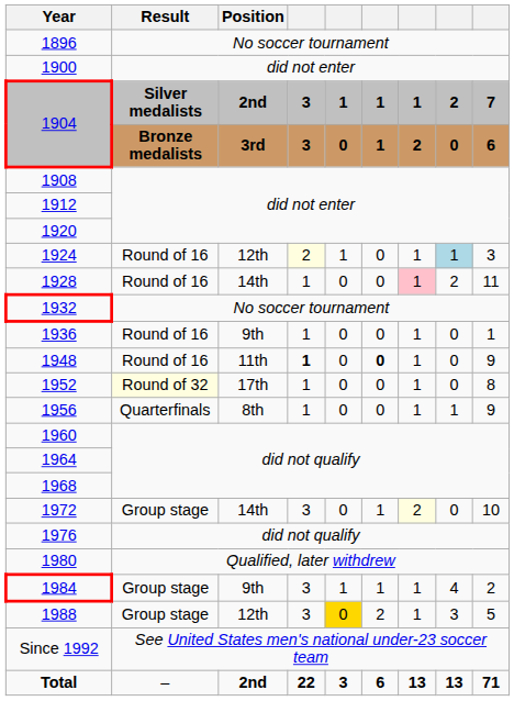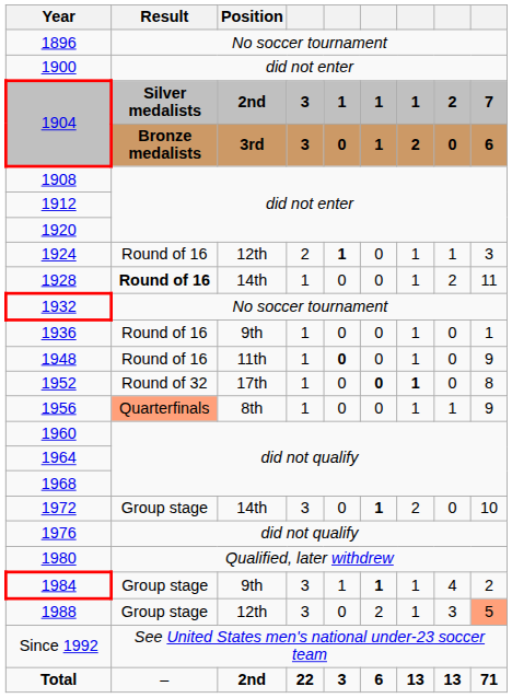 <table class="wikitable" style="text-align: center;">
 <tr>
 <th style="width:100px;">Year</th>
 <th style="width:100px;">Result</th>
 <th style="width:60px;">Position</th>
 <th style="width:30px;"></th>
 <th style="width:30px;"></th>
 <th style="width:30px;"></th>
 <th style="width:30px;"></th>
 <th style="width:30px;"></th>
 <th style="width:30px;"></th>
 </tr>
 <tr>
 <td> <a href='#'>1896</a></td>
 <td colspan=8><em>No soccer tournament</em></td>
 </tr>
 <tr>
 <td> <a href='#'>1900</a></td>
 <td colspan=8><em>did not enter</em></td>
 </tr>
 <tr bgcolor=silver>
 <td style="border: 3px solid red" rowspan=2> <a href='#'>1904</a></td>
 <td><strong>Silver medalists</strong></td>
 <td><strong>2nd</strong></td>
 <td><strong>3</strong></td>
 <td><strong>1</strong></td>
 <td><strong>1</strong></td>
 <td><strong>1</strong></td>
 <td><strong>2</strong></td>
 <td><strong>7</strong></td>
 </tr>
 <tr bgcolor=#c96>
 <td><strong>Bronze medalists</strong></td>
 <td><strong>3rd</strong></td>
 <td><strong>3</strong></td>
 <td><strong>0</strong></td>
 <td><strong>1</strong></td>
 <td><strong>2</strong></td>
 <td><strong>0</strong></td>
 <td><strong>6</strong></td>
 </tr>
 <tr>
 <td> <a href='#'>1908</a></td>
 <td rowspan=3 colspan=8><em>did not enter</em></td>
 </tr>
 <tr>
 <td> <a href='#'>1912</a></td>
 </tr>
 <tr>
 <td> <a href='#'>1920</a></td>
 </tr>
 <tr>
 <td> <a href='#'>1924</a></td>
 <td>Round of 16</td>
 <td>12th</td>
-<td style="background: lightyellow;">2</td>
-<td>1</td>
+<td>2</td>
+<td><strong>1</strong></td>
 <td>0</td>
 <td>1</td>
-<td style="background: lightblue;">1</td>
+<td>1</td>
 <td>3</td>
 </tr>
 <tr>
 <td> <a href='#'>1928</a></td>
-<td>Round of 16</td>
+<td><strong>Round of 16</strong></td>
 <td>14th</td>
 <td>1</td>
 <td>0</td>
 <td>0</td>
-<td style="background: pink;">1</td>
+<td>1</td>
 <td>2</td>
 <td>11</td>
 </tr>
 <tr>
 <td style="border: 3px solid red"> <a href='#'>1932</a></td>
 <td colspan=8><em>No soccer tournament</em></td>
 </tr>
 <tr>
 <td> <a href='#'>1936</a></td>
 <td>Round of 16</td>
 <td>9th</td>
 <td>1</td>
 <td>0</td>
 <td>0</td>
 <td>1</td>
 <td>0</td>
 <td>1</td>
 </tr>
 <tr>
 <td> <a href='#'>1948</a></td>
 <td>Round of 16</td>
 <td>11th</td>
-<td><strong>1</strong></td>
+<td>1</td>
+<td><strong>0</strong></td>
 <td>0</td>
-<td><strong>0</strong></td>
 <td>1</td>
 <td>0</td>
 <td>9</td>
 </tr>
 <tr>
 <td> <a href='#'>1952</a></td>
-<td style="background: lightyellow;">Round of 32</td>
+<td>Round of 32</td>
 <td>17th</td>
 <td>1</td>
 <td>0</td>
-<td>0</td>
-<td>1</td>
+<td><strong>0</strong></td>
+<td><strong>1</strong></td>
 <td>0</td>
 <td>8</td>
 </tr>
 <tr>
 <td> <a href='#'>1956</a></td>
-<td>Quarterfinals</td>
+<td style="background: lightsalmon;">Quarterfinals</td>
 <td>8th</td>
 <td>1</td>
 <td>0</td>
 <td>0</td>
 <td>1</td>
 <td>1</td>
 <td>9</td>
 </tr>
 <tr>
 <td> <a href='#'>1960</a></td>
 <td rowspan=3 colspan=8><em>did not qualify</em></td>
 </tr>
 <tr>
 <td> <a href='#'>1964</a></td>
 </tr>
 <tr>
 <td> <a href='#'>1968</a></td>
 </tr>
 <tr>
 <td> <a href='#'>1972</a></td>
 <td>Group stage</td>
 <td>14th</td>
 <td>3</td>
 <td>0</td>
-<td>1</td>
-<td style="background: lightyellow;">2</td>
+<td><strong>1</strong></td>
+<td>2</td>
 <td>0</td>
 <td>10</td>
 </tr>
 <tr>
 <td> <a href='#'>1976</a></td>
 <td colspan=8><em>did not qualify</em></td>
 </tr>
 <tr>
 <td> <a href='#'>1980</a></td>
 <td colspan=8><em>Qualified, later <a href='#'>withdrew</a></em></td>
 </tr>
 <tr>
 <td style="border: 3px solid red"> <a href='#'>1984</a></td>
 <td>Group stage</td>
 <td>9th</td>
 <td>3</td>
 <td>1</td>
-<td>1</td>
+<td><strong>1</strong></td>
 <td>1</td>
 <td>4</td>
 <td>2</td>
 </tr>
 <tr>
 <td> <a href='#'>1988</a></td>
 <td>Group stage</td>
 <td>12th</td>
 <td>3</td>
-<td style="background: gold;">0</td>
+<td>0</td>
 <td>2</td>
 <td>1</td>
 <td>3</td>
-<td>5</td>
+<td style="background: lightsalmon;">5</td>
 </tr>
 <tr>
 <td>Since <a href='#'>1992</a></td>
 <td colspan=9><em>See <a href='#'>United States men's national under-23 soccer team</a></em></td>
 </tr>
 <tr>
 <td><strong>Total</strong></td>
 <td>–</td>
 <td><strong>2nd</strong></td>
 <td><strong>22</strong></td>
 <td><strong>3</strong></td>
 <td><strong>6</strong></td>
 <td><strong>13</strong></td>
 <td><strong>13</strong></td>
 <td><strong>71</strong></td>
 </tr>
 </table>
